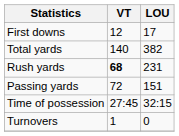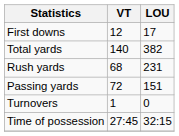 <table class="wikitable" style="float: left;">
 <tr>
 <th>Statistics</th>
 <th>VT</th>
 <th>LOU</th>
 </tr>
 <tr>
 <td>First downs</td>
 <td>12</td>
 <td>17</td>
 </tr>
 <tr>
 <td>Total yards</td>
 <td>140</td>
 <td>382</td>
 </tr>
 <tr>
 <td>Rush yards</td>
-<td><strong>68</strong></td>
+<td>68</td>
 <td>231</td>
 </tr>
 <tr>
 <td>Passing yards</td>
 <td>72</td>
 <td>151</td>
 </tr>
 <tr>
+<td>Turnovers</td>
+<td>1</td>
+<td>0</td>
+</tr>
+<tr>
 <td>Time of possession</td>
 <td>27:45</td>
 <td>32:15</td>
 </tr>
 <tr>
-<td>Turnovers</td>
-<td>1</td>
-<td>0</td>
-</tr>
-<tr>
 </tr>
 </table>
